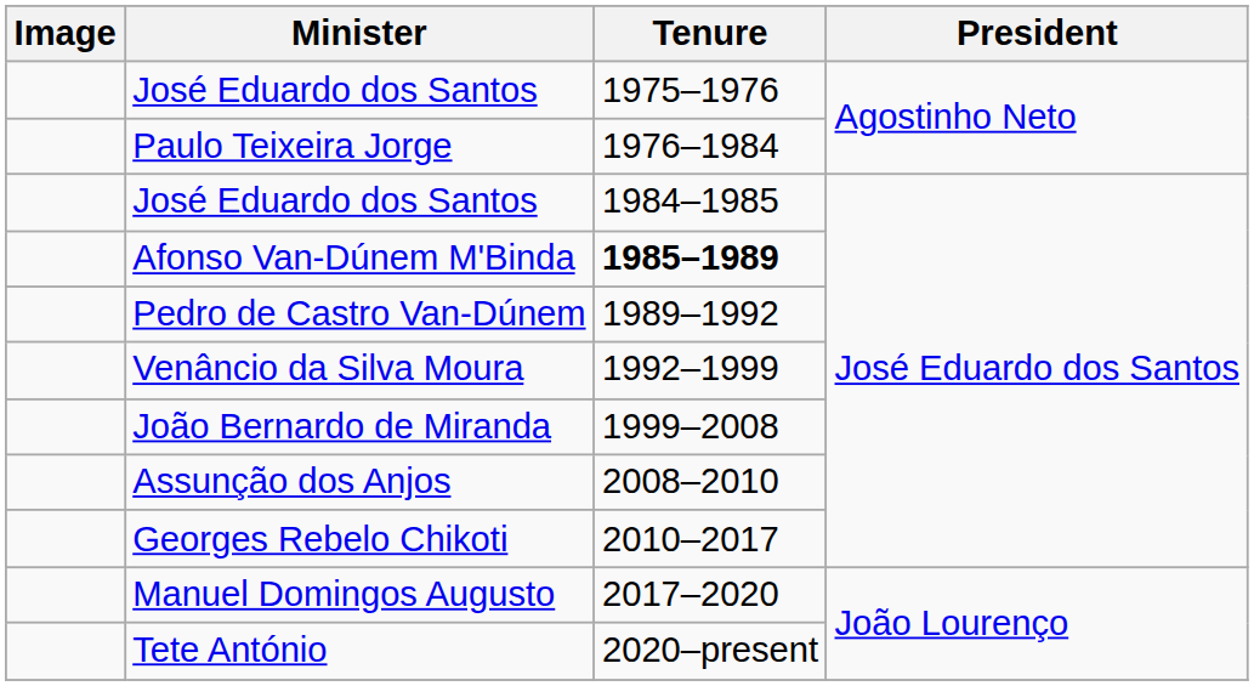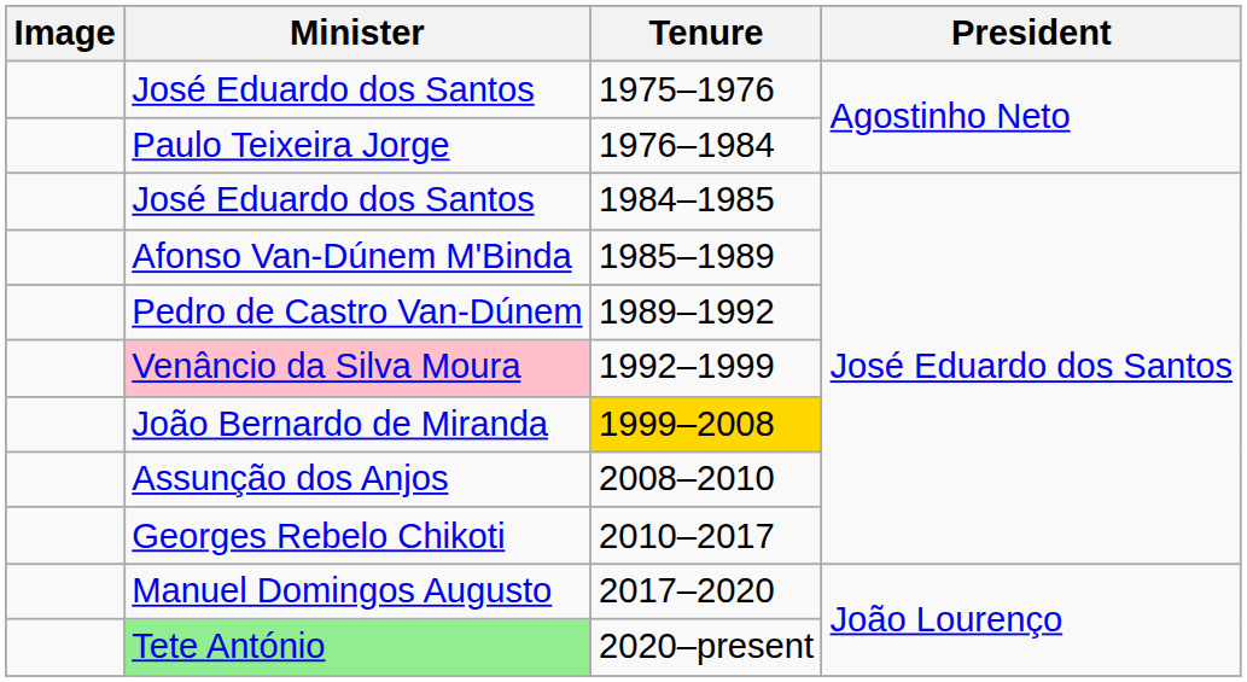 <table class="wikitable">
 <tr>
 <th>Image</th>
 <th>Minister</th>
 <th>Tenure</th>
 <th>President</th>
 </tr>
 <tr>
 <td></td>
 <td><a href='#'>José Eduardo dos Santos</a></td>
 <td>1975–1976</td>
 <td rowspan="2"><a href='#'>Agostinho Neto</a></td>
 </tr>
 <tr>
 <td></td>
 <td><a href='#'>Paulo Teixeira Jorge</a></td>
 <td>1976–1984</td>
 </tr>
 <tr>
 <td></td>
 <td><a href='#'>José Eduardo dos Santos</a></td>
 <td>1984–1985</td>
 <td rowspan="7"><a href='#'>José Eduardo dos Santos</a></td>
 </tr>
 <tr>
 <td></td>
 <td><a href='#'>Afonso Van-Dúnem M'Binda</a></td>
-<td><strong>1985–1989</strong></td>
+<td>1985–1989</td>
 </tr>
 <tr>
 <td></td>
 <td><a href='#'>Pedro de Castro Van-Dúnem</a></td>
 <td>1989–1992</td>
 </tr>
 <tr>
 <td></td>
-<td><a href='#'>Venâncio da Silva Moura</a></td>
+<td style="background: pink;"><a href='#'>Venâncio da Silva Moura</a></td>
 <td>1992–1999</td>
 </tr>
 <tr>
 <td></td>
 <td><a href='#'>João Bernardo de Miranda</a></td>
-<td>1999–2008</td>
+<td style="background: gold;">1999–2008</td>
 </tr>
 <tr>
 <td></td>
 <td><a href='#'>Assunção dos Anjos</a></td>
 <td>2008–2010</td>
 </tr>
 <tr>
 <td></td>
 <td><a href='#'>Georges Rebelo Chikoti</a></td>
 <td>2010–2017</td>
 </tr>
 <tr>
 <td></td>
 <td><a href='#'>Manuel Domingos Augusto</a></td>
 <td>2017–2020</td>
 <td rowspan="2"><a href='#'>João Lourenço</a></td>
 </tr>
 <tr>
 <td></td>
-<td><a href='#'>Tete António</a></td>
+<td style="background: lightgreen;"><a href='#'>Tete António</a></td>
 <td>2020–present</td>
 </tr>
 </table>
